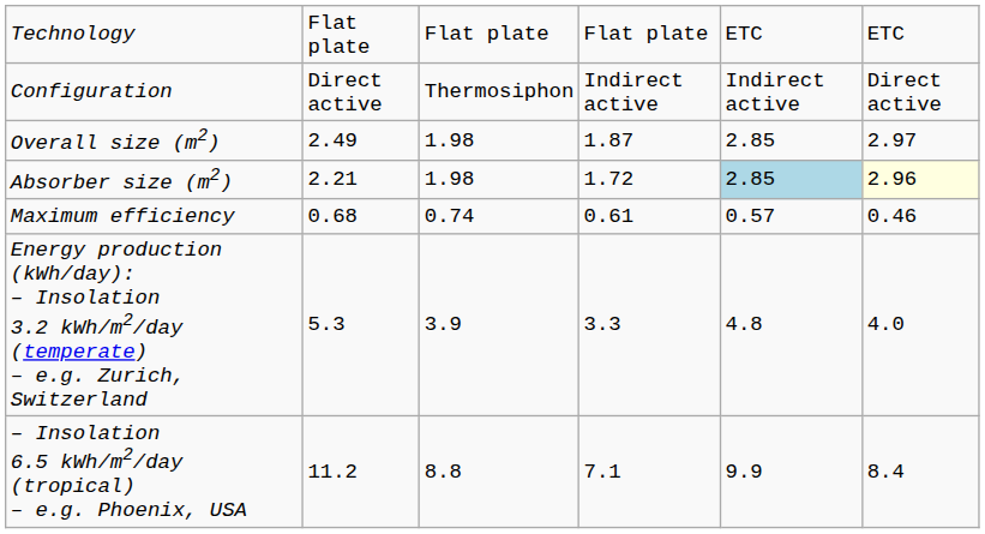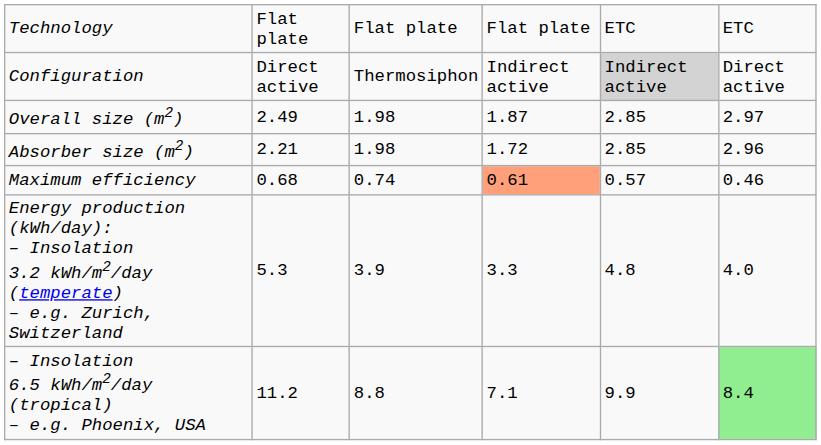 <table class="wikitable">
 <tr>
 <td><em>Technology</em></td>
 <td>Flat plate</td>
 <td>Flat plate</td>
 <td>Flat plate</td>
 <td>ETC</td>
 <td>ETC</td>
 </tr>
 <tr>
 <td><em>Configuration</em></td>
 <td>Direct active</td>
 <td>Thermosiphon</td>
 <td>Indirect active</td>
-<td>Indirect active</td>
+<td style="background: lightgrey;">Indirect active</td>
 <td>Direct active</td>
 </tr>
 <tr>
 <td><em> Overall size (m<sup>2</sup>)</em></td>
 <td>2.49</td>
 <td>1.98</td>
 <td>1.87</td>
 <td>2.85</td>
 <td>2.97</td>
 </tr>
 <tr>
 <td><em>Absorber size (m<sup>2</sup>)</em></td>
 <td>2.21</td>
 <td>1.98</td>
 <td>1.72</td>
-<td style="background: lightblue;">2.85</td>
-<td style="background: lightyellow;">2.96</td>
+<td>2.85</td>
+<td>2.96</td>
 </tr>
 <tr>
 <td><em>Maximum efficiency</em></td>
 <td>0.68</td>
 <td>0.74</td>
-<td>0.61</td>
+<td style="background: lightsalmon;">0.61</td>
 <td>0.57</td>
 <td>0.46</td>
 </tr>
 <tr>
 <td><em>Energy production (kWh/day):</em><br> <em> – Insolation 3.2 kWh/m<sup>2</sup>/day (<a href='#'>temperate</a>)</em><br> – <em>e.g. Zurich, Switzerland</em></td>
 <td>5.3</td>
 <td>3.9</td>
 <td>3.3</td>
 <td>4.8</td>
 <td>4.0</td>
 </tr>
 <tr>
 <td><em> – Insolation 6.5 kWh/m<sup>2</sup>/day (tropical)</em><br> – <em>e.g. Phoenix, USA</em></td>
 <td>11.2</td>
 <td>8.8</td>
 <td>7.1</td>
 <td>9.9</td>
-<td>8.4</td>
+<td style="background: lightgreen;">8.4</td>
 </tr>
 </table>
